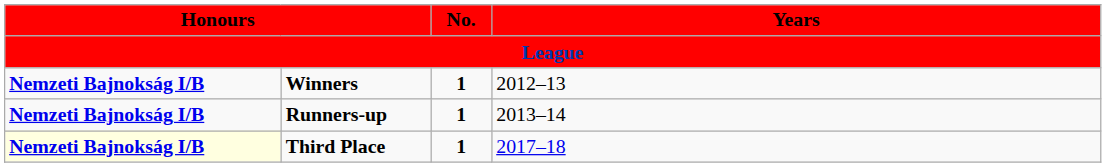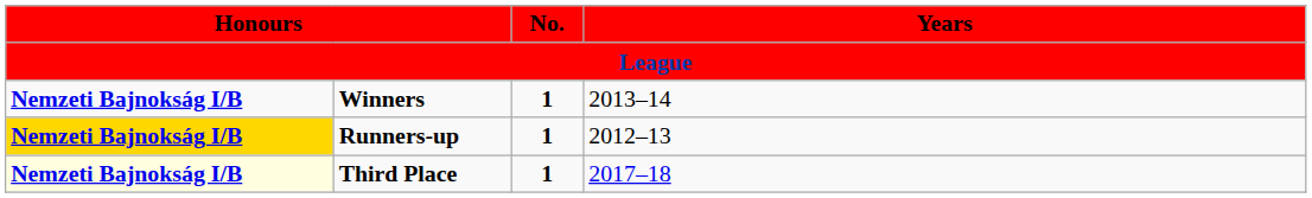 <table class="wikitable" width=70%>
 <tr>
 <th width=35% colspan=2 style="background:red;"><span>Honours</span></th>
 <th width=5% style="background:red;"><span>No.</span></th>
 <th width=50% style="background:red;"><span>Years</span></th>
 </tr>
 <tr>
 <th colspan="6" style="color:#0038af; background:red"><strong>League</strong></th>
 </tr>
 <tr>
 <td><strong><a href='#'>Nemzeti Bajnokság I/B</a></strong></td>
 <td><strong>Winners</strong></td>
 <td align=center><strong>1</strong></td>
-<td>2012–13</td>
+<td>2013–14</td>
 </tr>
 <tr>
-<td><strong><a href='#'>Nemzeti Bajnokság I/B</a></strong></td>
+<td style="background: gold;"><strong><a href='#'>Nemzeti Bajnokság I/B</a></strong></td>
 <td><strong>Runners-up</strong></td>
 <td align=center><strong>1</strong></td>
-<td>2013–14</td>
+<td>2012–13</td>
 </tr>
 <tr>
 <td style="background: lightyellow;"><strong><a href='#'>Nemzeti Bajnokság I/B</a></strong></td>
 <td><strong>Third Place</strong></td>
 <td align=center><strong>1</strong></td>
 <td><a href='#'>2017–18</a></td>
 </tr>
 </table>
